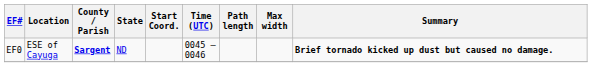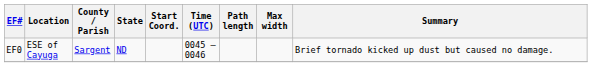 <table class="wikitable sortable" style="width:100%;">
 <tr>
 <th scope="col" width="3%" align="center"><a href='#'>EF#</a></th>
 <th scope="col" width="7%" align="center" class="unsortable">Location</th>
 <th scope="col" width="6%" align="center" class="unsortable">County / Parish</th>
 <th scope="col" width="5%" align="center">State</th>
 <th scope="col" width="6%" align="center">Start Coord.</th>
 <th scope="col" width="6%" align="center">Time (<a href='#'>UTC</a>)</th>
 <th scope="col" width="6%" align="center">Path length</th>
 <th scope="col" width="6%" align="center">Max width</th>
 <th scope="col" width="48%" class="unsortable" align="center">Summary</th>
 </tr>
 <tr>
 <td>EF0</td>
 <td>ESE of <a href='#'>Cayuga</a></td>
-<td><strong><a href='#'>Sargent</a></strong></td>
+<td><a href='#'>Sargent</a></td>
 <td><a href='#'>ND</a></td>
 <td></td>
 <td>0045 – 0046</td>
 <td></td>
 <td></td>
-<td><strong>Brief tornado kicked up dust but caused no damage.</strong></td>
+<td>Brief tornado kicked up dust but caused no damage.</td>
 </tr>
 <tr>
 </tr>
 </table>
